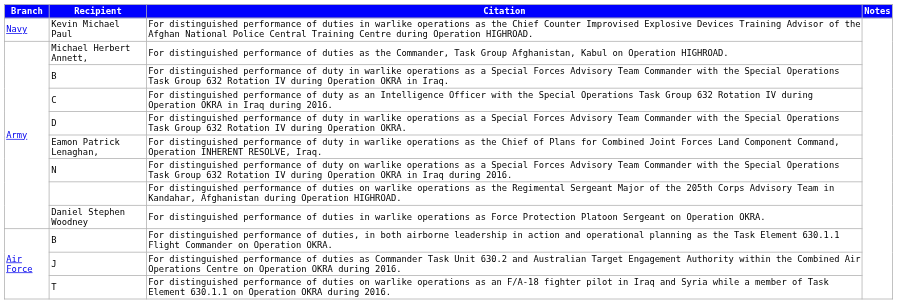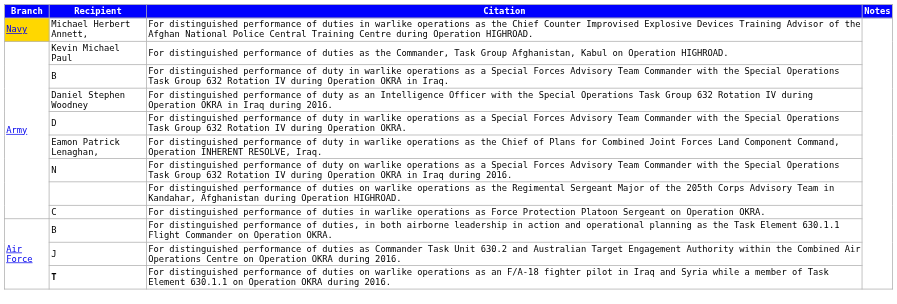 <table border="2" cellpadding="2" cellspacing="0" style="margin: 1em 1em 1em 0; border: 1px #aaa solid; font-size:95%; border-collapse: collapse;">
 <tr style="background: blue; color: white">
 <th>Branch</th>
 <th>Recipient</th>
 <th>Citation</th>
 <th>Notes</th>
 </tr>
 <tr>
-<td><a href='#'>Navy</a></td>
-<td> Kevin Michael Paul</td>
+<td style="background: gold;"><a href='#'>Navy</a></td>
+<td> Michael Herbert Annett, </td>
 <td>For distinguished performance of duties in warlike operations as the Chief Counter Improvised Explosive Devices Training Advisor of the Afghan National Police Central Training Centre during Operation HIGHROAD.</td>
 <td rowspan=12></td>
 </tr>
 <tr>
 <td rowspan=8><a href='#'>Army</a></td>
-<td> Michael Herbert Annett, </td>
+<td> Kevin Michael Paul</td>
 <td>For distinguished performance of duties as the Commander, Task Group Afghanistan, Kabul on Operation HIGHROAD.</td>
 </tr>
 <tr>
 <td> B</td>
 <td>For distinguished performance of duty in warlike operations as a Special Forces Advisory Team Commander with the Special Operations Task Group 632 Rotation IV during Operation OKRA in Iraq.</td>
 </tr>
 <tr>
-<td> C</td>
+<td> Daniel Stephen Woodney</td>
 <td>For distinguished performance of duty as an Intelligence Officer with the Special Operations Task Group 632 Rotation IV during Operation OKRA in Iraq during 2016.</td>
 </tr>
 <tr>
 <td> D</td>
 <td>For distinguished performance of duty in warlike operations as a Special Forces Advisory Team Commander with the Special Operations Task Group 632 Rotation IV during Operation OKRA.</td>
 </tr>
 <tr>
 <td>  Eamon Patrick Lenaghan, </td>
 <td>For distinguished performance of duty in warlike operations as the Chief of Plans for Combined Joint Forces Land Component Command, Operation INHERENT RESOLVE, Iraq.</td>
 </tr>
 <tr>
 <td> N</td>
 <td>For distinguished performance of duty on warlike operations as a Special Forces Advisory Team Commander with the Special Operations Task Group 632 Rotation IV during Operation OKRA in Iraq during 2016.</td>
 </tr>
 <tr>
 <td></td>
 <td>For distinguished performance of duties on warlike operations as the Regimental Sergeant Major of the 205th Corps Advisory Team in Kandahar, Afghanistan during Operation HIGHROAD.</td>
 </tr>
 <tr>
-<td> Daniel Stephen Woodney</td>
+<td> C</td>
 <td>For distinguished performance of duties in warlike operations as Force Protection Platoon Sergeant on Operation OKRA.</td>
 </tr>
 <tr>
 <td rowspan=3><a href='#'>Air Force</a></td>
 <td> B</td>
 <td>For distinguished performance of duties, in both airborne leadership in action and operational planning as the Task Element 630.1.1 Flight Commander on Operation OKRA.</td>
 </tr>
 <tr>
 <td> J</td>
 <td>For distinguished performance of duties as Commander Task Unit 630.2 and Australian Target Engagement Authority within the Combined Air Operations Centre on Operation OKRA during 2016.</td>
 </tr>
 <tr>
-<td> T</td>
+<td><strong> T</strong></td>
 <td>For distinguished performance of duties on warlike operations as an F/A-18 fighter pilot in Iraq and Syria while a member of Task Element 630.1.1 on Operation OKRA during 2016.</td>
 </tr>
 </table>
